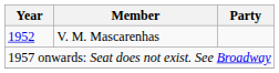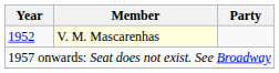 <table class="wikitable sortable">
 <tr>
 <th>Year</th>
 <th>Member</th>
 <th colspan="2">Party</th>
 </tr>
 <tr>
 <td><a href='#'>1952</a></td>
-<td>V. M. Mascarenhas</td>
+<td style="background: lightyellow;">V. M. Mascarenhas</td>
 <td></td>
 </tr>
 <tr>
 <td colspan="6" align="center">1957 onwards: <em>Seat does not exist. See <a href='#'>Broadway</a></em></td>
 </tr>
 <tr>
 </tr>
 </table>
